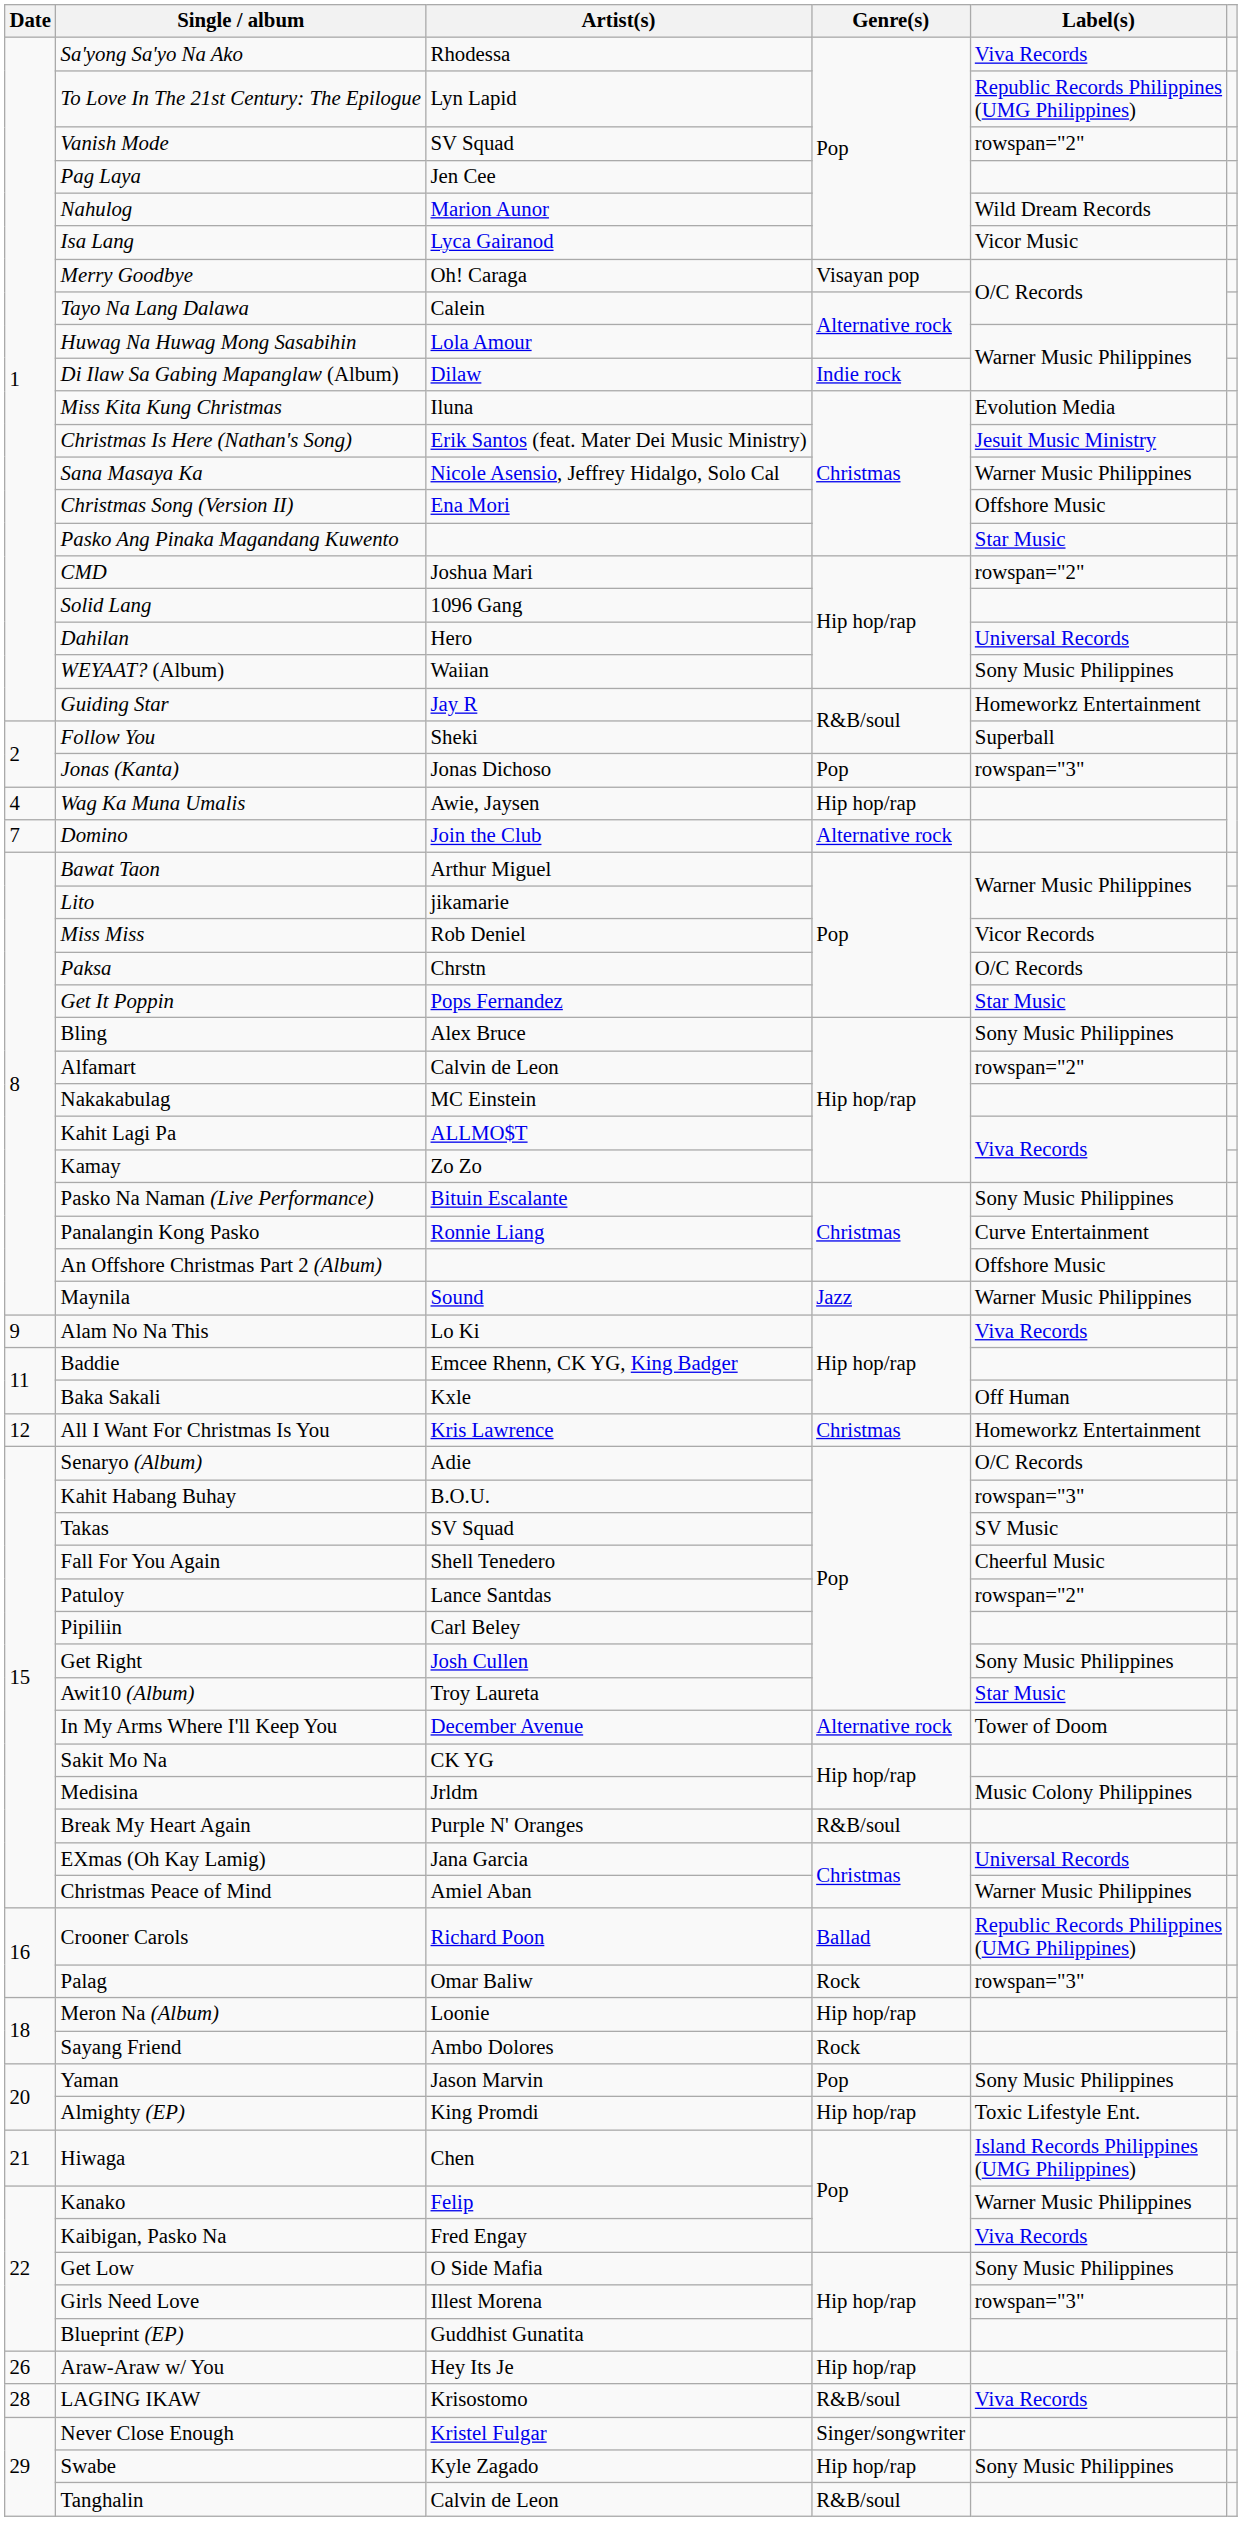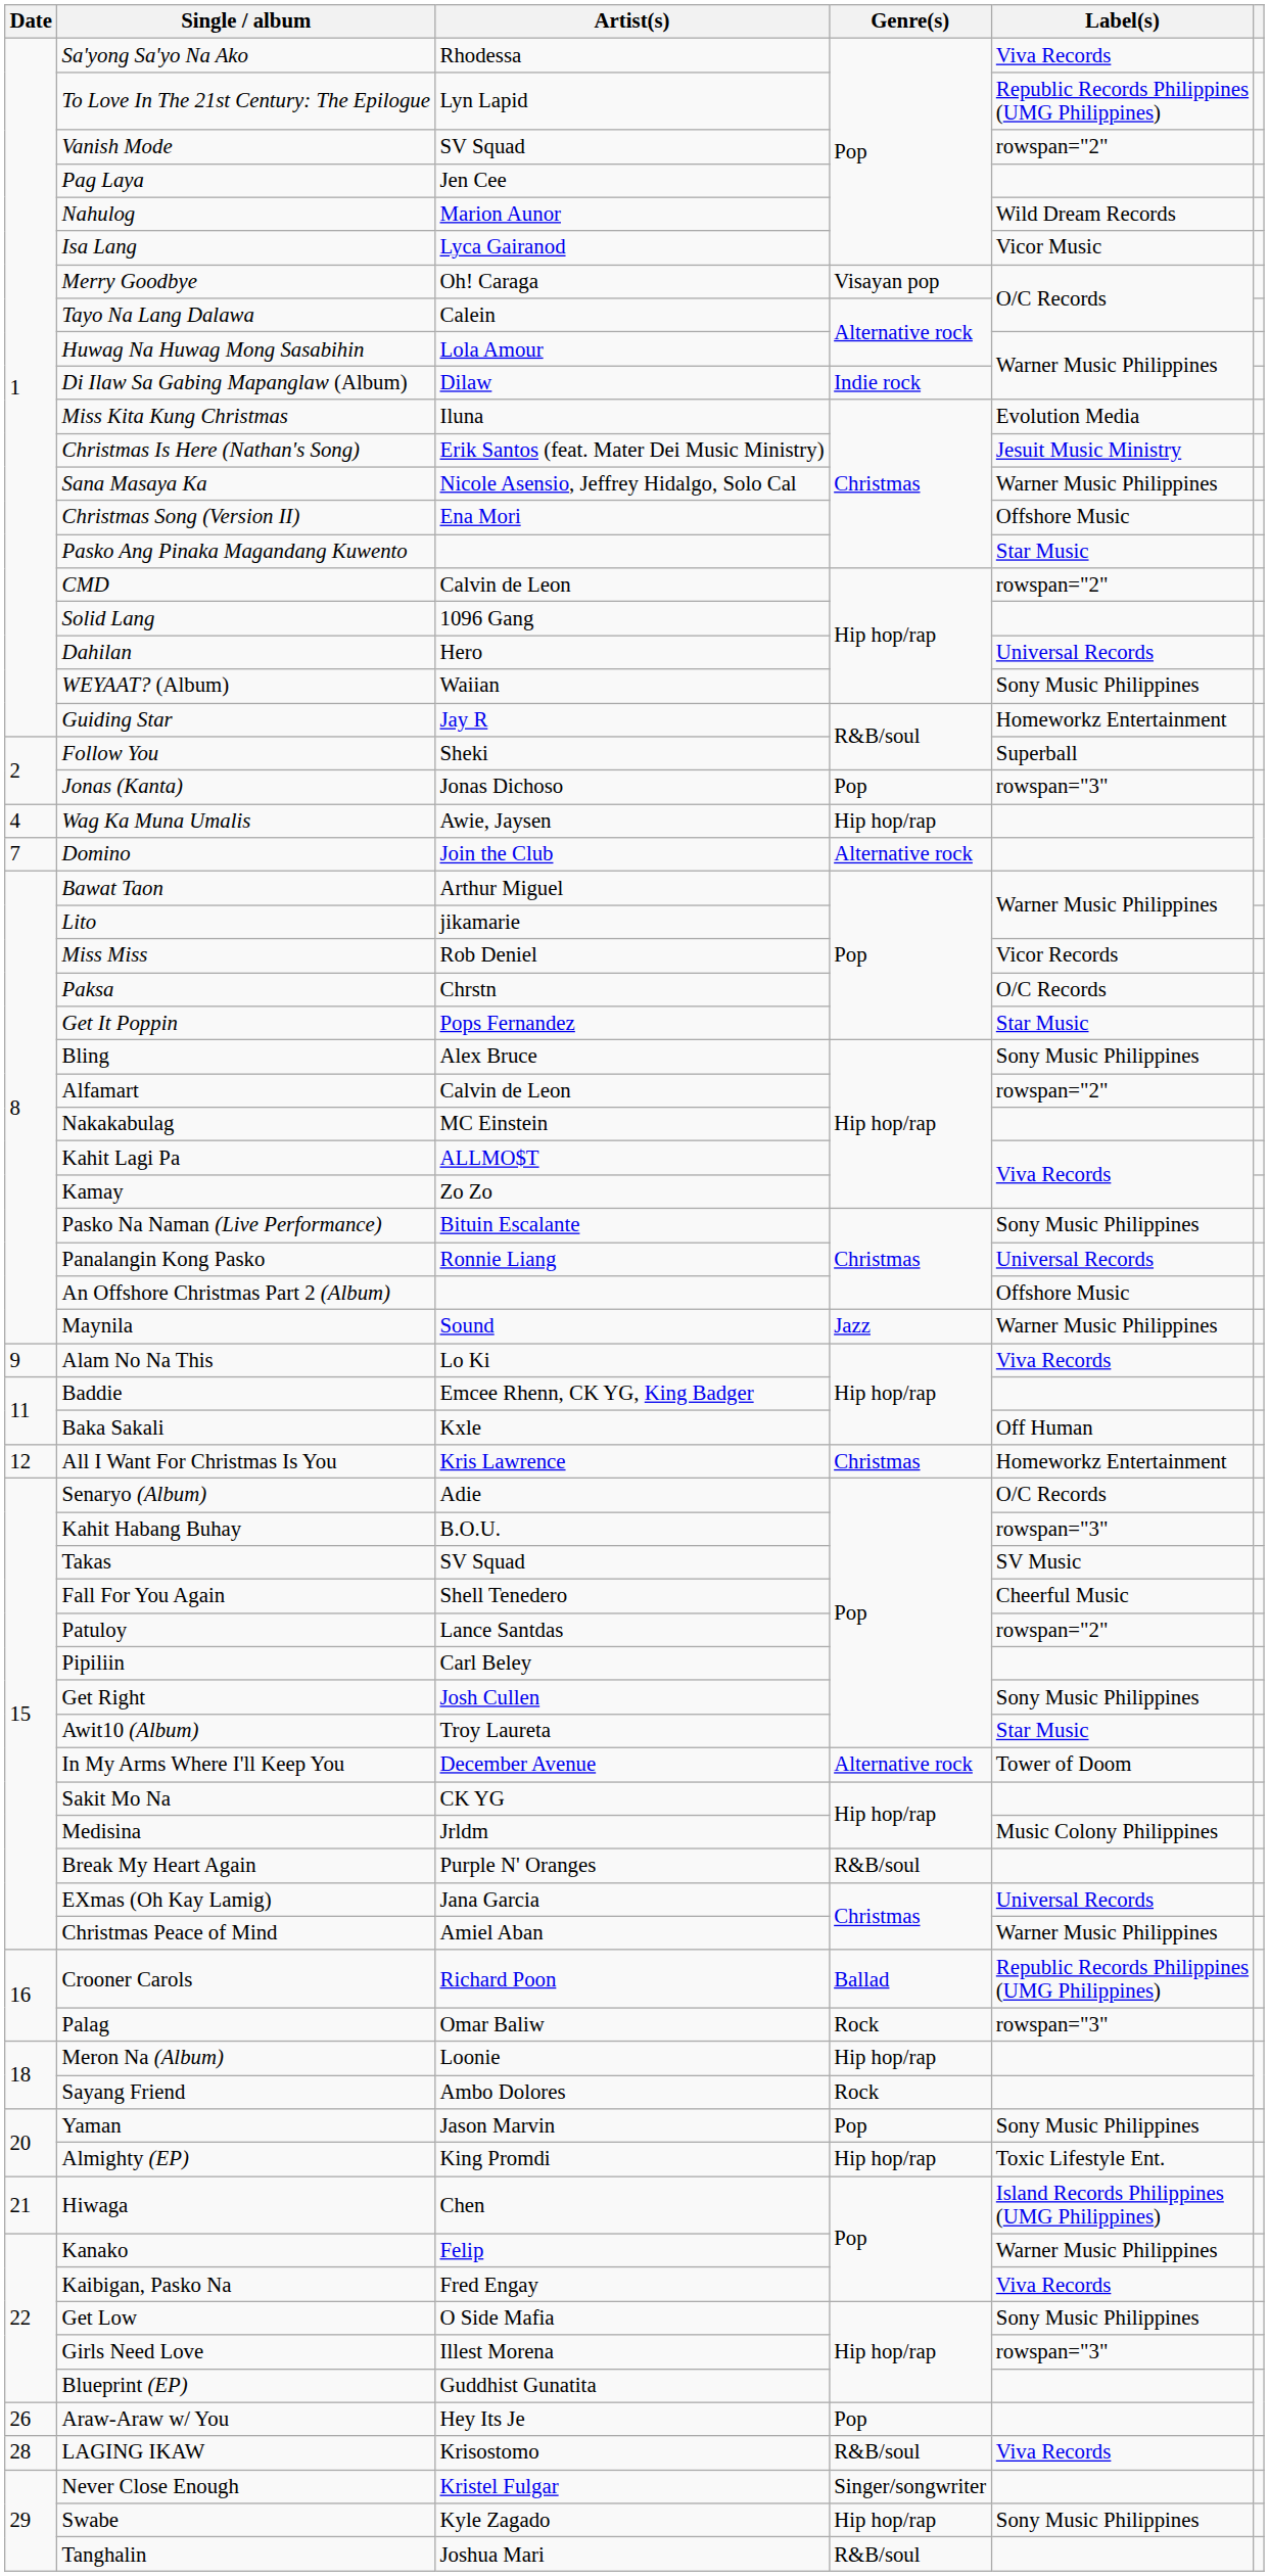 <table class="wikitable">
 <tr>
 <th>Date</th>
 <th>Single / album</th>
 <th>Artist(s)</th>
 <th>Genre(s)</th>
 <th>Label(s)</th>
 <th></th>
 </tr>
 <tr>
 <td rowspan="20">1</td>
 <td><em>Sa'yong Sa'yo Na Ako</em></td>
 <td>Rhodessa</td>
 <td rowspan="6">Pop</td>
 <td><a href='#'>Viva Records</a></td>
 <td></td>
 </tr>
 <tr>
 <td><em>To Love In The 21st Century: The Epilogue</em></td>
 <td>Lyn Lapid</td>
 <td><a href='#'>Republic Records Philippines</a><br>(<a href='#'>UMG Philippines</a>)</td>
 <td></td>
 </tr>
 <tr>
 <td><em>Vanish Mode</em></td>
 <td>SV Squad</td>
 <td>rowspan="2" </td>
 <td></td>
 </tr>
 <tr>
 <td><em>Pag Laya</em></td>
 <td>Jen Cee</td>
 <td></td>
 </tr>
 <tr>
 <td><em>Nahulog</em></td>
 <td><a href='#'>Marion Aunor</a></td>
 <td>Wild Dream Records</td>
 <td></td>
 </tr>
 <tr>
 <td><em>Isa Lang</em></td>
 <td><a href='#'>Lyca Gairanod</a></td>
 <td>Vicor Music</td>
 <td></td>
 </tr>
 <tr>
 <td><em>Merry Goodbye</em></td>
 <td>Oh! Caraga</td>
 <td>Visayan pop</td>
 <td rowspan="2">O/C Records</td>
 <td></td>
 </tr>
 <tr>
 <td><em>Tayo Na Lang Dalawa</em></td>
 <td>Calein</td>
 <td rowspan="2"><a href='#'>Alternative rock</a></td>
 <td></td>
 </tr>
 <tr>
 <td><em>Huwag Na Huwag Mong Sasabihin</em></td>
 <td><a href='#'>Lola Amour</a></td>
 <td rowspan="2">Warner Music Philippines</td>
 <td></td>
 </tr>
 <tr>
 <td><em>Di Ilaw Sa Gabing Mapanglaw</em> (Album)</td>
 <td><a href='#'>Dilaw</a></td>
 <td><a href='#'>Indie rock</a></td>
 <td></td>
 </tr>
 <tr>
 <td><em>Miss Kita Kung Christmas</em></td>
 <td>Iluna</td>
 <td rowspan="5"><a href='#'>Christmas</a></td>
 <td>Evolution Media</td>
 <td></td>
 </tr>
 <tr>
 <td><em>Christmas Is Here (Nathan's Song)</em></td>
 <td><a href='#'>Erik Santos</a> (feat. Mater Dei Music Ministry)</td>
 <td><a href='#'>Jesuit Music Ministry</a></td>
 <td></td>
 </tr>
 <tr>
 <td><em>Sana Masaya Ka</em></td>
 <td><a href='#'>Nicole Asensio</a>, Jeffrey Hidalgo, Solo Cal</td>
 <td>Warner Music Philippines</td>
 <td></td>
 </tr>
 <tr>
 <td><em>Christmas Song (Version II)</em></td>
 <td><a href='#'>Ena Mori</a></td>
 <td>Offshore Music</td>
 <td></td>
 </tr>
 <tr>
 <td><em>Pasko Ang Pinaka Magandang Kuwento</em></td>
 <td></td>
 <td><a href='#'>Star Music</a></td>
 <td></td>
 </tr>
 <tr>
 <td><em>CMD</em></td>
-<td>Joshua Mari</td>
+<td>Calvin de Leon</td>
 <td rowspan="4">Hip hop/rap</td>
 <td>rowspan="2" </td>
 <td></td>
 </tr>
 <tr>
 <td><em>Solid Lang</em></td>
 <td>1096 Gang</td>
 <td></td>
 </tr>
 <tr>
 <td><em>Dahilan</em></td>
 <td>Hero</td>
 <td><a href='#'>Universal Records</a></td>
 <td></td>
 </tr>
 <tr>
 <td><em>WEYAAT?</em> (Album)</td>
 <td>Waiian</td>
 <td>Sony Music Philippines</td>
 <td></td>
 </tr>
 <tr>
 <td><em>Guiding Star</em></td>
 <td><a href='#'>Jay R</a></td>
 <td rowspan="2">R&B/soul</td>
 <td>Homeworkz Entertainment</td>
 <td></td>
 </tr>
 <tr>
 <td rowspan="2">2</td>
 <td><em>Follow You</em></td>
 <td>Sheki</td>
 <td>Superball</td>
 <td></td>
 </tr>
 <tr>
 <td><em>Jonas (Kanta)</em></td>
 <td>Jonas Dichoso</td>
 <td>Pop</td>
 <td>rowspan="3" </td>
 <td></td>
 </tr>
 <tr>
 <td>4</td>
 <td><em>Wag Ka Muna Umalis</em></td>
 <td>Awie, Jaysen</td>
 <td>Hip hop/rap</td>
 <td></td>
 </tr>
 <tr>
 <td>7</td>
 <td><em>Domino</em></td>
 <td><a href='#'>Join the Club</a></td>
 <td><a href='#'>Alternative rock</a></td>
 <td></td>
 </tr>
 <tr>
 <td rowspan="14">8</td>
 <td><em>Bawat Taon</em></td>
 <td>Arthur Miguel</td>
 <td rowspan="5">Pop</td>
 <td rowspan="2">Warner Music Philippines</td>
 <td></td>
 </tr>
 <tr>
 <td><em>Lito</em></td>
 <td>jikamarie</td>
 <td></td>
 </tr>
 <tr>
 <td><em>Miss Miss</em></td>
 <td>Rob Deniel</td>
 <td>Vicor Records</td>
 <td></td>
 </tr>
 <tr>
 <td><em>Paksa</em></td>
 <td>Chrstn</td>
 <td>O/C Records</td>
 <td></td>
 </tr>
 <tr>
 <td><em>Get It Poppin<strong></td>
 <td><a href='#'>Pops Fernandez</a></td>
 <td><a href='#'>Star Music</a></td>
 <td></td>
 </tr>
 <tr>
 <td></em>Bling<em></td>
 <td>Alex Bruce</td>
 <td rowspan="5">Hip hop/rap</td>
 <td>Sony Music Philippines</td>
 <td></td>
 </tr>
 <tr>
 <td></em>Alfamart<em></td>
 <td>Calvin de Leon</td>
 <td>rowspan="2" </td>
 <td></td>
 </tr>
 <tr>
 <td></em>Nakakabulag<em></td>
 <td>MC Einstein</td>
 <td></td>
 </tr>
 <tr>
 <td></em>Kahit Lagi Pa<em></td>
 <td><a href='#'>ALLMO$T</a></td>
 <td rowspan="2"><a href='#'>Viva Records</a></td>
 <td></td>
 </tr>
 <tr>
 <td></em>Kamay<em></td>
 <td>Zo Zo</td>
 <td></td>
 </tr>
 <tr>
 <td></em>Pasko Na Naman<em> (Live Performance)</td>
 <td><a href='#'>Bituin Escalante</a></td>
 <td rowspan="3"><a href='#'>Christmas</a></td>
 <td>Sony Music Philippines</td>
 <td></td>
 </tr>
 <tr>
 <td></em>Panalangin Kong Pasko<em></td>
 <td><a href='#'>Ronnie Liang</a></td>
-<td>Curve Entertainment</td>
+<td><a href='#'>Universal Records</a></td>
 <td></td>
 </tr>
 <tr>
 <td></em>An Offshore Christmas Part 2<em> (Album)</td>
 <td></td>
 <td>Offshore Music</td>
 <td></td>
 </tr>
 <tr>
 <td></em>Maynila<em></td>
 <td><a href='#'>Sound</a></td>
 <td><a href='#'>Jazz</a></td>
 <td>Warner Music Philippines</td>
 <td></td>
 </tr>
 <tr>
 <td>9</td>
 <td></em>Alam No Na This<em></td>
 <td>Lo Ki</td>
 <td rowspan="3">Hip hop/rap</td>
 <td><a href='#'>Viva Records</a></td>
 <td></td>
 </tr>
 <tr>
 <td rowspan="2">11</td>
 <td></em>Baddie<em></td>
 <td>Emcee Rhenn, CK YG, <a href='#'>King Badger</a></td>
 <td></td>
 <td></td>
 </tr>
 <tr>
 <td></em>Baka Sakali<em></td>
 <td>Kxle</td>
 <td>Off Human</td>
 <td></td>
 </tr>
 <tr>
 <td>12</td>
 <td></em>All I Want For Christmas Is You<em></td>
 <td><a href='#'>Kris Lawrence</a></td>
 <td><a href='#'>Christmas</a></td>
 <td>Homeworkz Entertainment</td>
 <td></td>
 </tr>
 <tr>
 <td rowspan="14">15</td>
 <td></em>Senaryo<em> (Album)</td>
 <td>Adie</td>
 <td rowspan="8">Pop</td>
 <td>O/C Records</td>
 <td></td>
 </tr>
 <tr>
 <td></em>Kahit Habang Buhay<em></td>
 <td>B.O.U.</td>
 <td>rowspan="3" </td>
 <td></td>
 </tr>
 <tr>
 <td></em>Takas<em></td>
 <td>SV Squad</td>
 <td>SV Music</td>
 <td></td>
 </tr>
 <tr>
 <td></em>Fall For You Again<em></td>
 <td>Shell Tenedero</td>
 <td>Cheerful Music</td>
 <td></td>
 </tr>
 <tr>
 <td></em>Patuloy<em></td>
 <td>Lance Santdas</td>
 <td>rowspan="2" </td>
 <td></td>
 </tr>
 <tr>
 <td></em>Pipiliin<em></td>
 <td>Carl Beley</td>
 <td></td>
 </tr>
 <tr>
 <td></em>Get Right<em></td>
 <td><a href='#'>Josh Cullen</a></td>
 <td>Sony Music Philippines</td>
 <td></td>
 </tr>
 <tr>
 <td></em>Awit10<em> (Album)</td>
 <td>Troy Laureta</td>
 <td><a href='#'>Star Music</a></td>
 <td></td>
 </tr>
 <tr>
 <td></em>In My Arms Where I'll Keep You<em></td>
 <td><a href='#'>December Avenue</a></td>
 <td><a href='#'>Alternative rock</a></td>
 <td>Tower of Doom</td>
 <td></td>
 </tr>
 <tr>
 <td></em>Sakit Mo Na<em></td>
 <td>CK YG</td>
 <td rowspan="2">Hip hop/rap</td>
 <td></td>
 <td></td>
 </tr>
 <tr>
 <td></em>Medisina<em></td>
 <td>Jrldm</td>
 <td>Music Colony Philippines</td>
 <td></td>
 </tr>
 <tr>
 <td></em>Break My Heart Again<em></td>
 <td>Purple N' Oranges</td>
 <td>R&B/soul</td>
 <td></td>
 <td></td>
 </tr>
 <tr>
 <td></em>EXmas (Oh Kay Lamig)<em></td>
 <td>Jana Garcia</td>
 <td rowspan="2"><a href='#'>Christmas</a></td>
 <td><a href='#'>Universal Records</a></td>
 <td></td>
 </tr>
 <tr>
 <td></em>Christmas Peace of Mind<em></td>
 <td>Amiel Aban</td>
 <td>Warner Music Philippines</td>
 <td></td>
 </tr>
 <tr>
 <td rowspan="2">16</td>
 <td></em>Crooner Carols<em></td>
 <td><a href='#'>Richard Poon</a></td>
 <td><a href='#'>Ballad</a></td>
 <td><a href='#'>Republic Records Philippines</a><br>(<a href='#'>UMG Philippines</a>)</td>
 <td></td>
 </tr>
 <tr>
 <td></em>Palag<em></td>
 <td>Omar Baliw</td>
 <td>Rock</td>
 <td>rowspan="3" </td>
 <td></td>
 </tr>
 <tr>
 <td rowspan="2">18</td>
 <td></em>Meron Na<em> (Album)</td>
 <td>Loonie</td>
 <td>Hip hop/rap</td>
 <td></td>
 </tr>
 <tr>
 <td></em>Sayang Friend<em></td>
 <td>Ambo Dolores</td>
 <td>Rock</td>
 <td></td>
 </tr>
 <tr>
 <td rowspan="2">20</td>
 <td></em>Yaman<em></td>
 <td>Jason Marvin</td>
 <td>Pop</td>
 <td>Sony Music Philippines</td>
 <td></td>
 </tr>
 <tr>
 <td></em>Almighty<em> (EP)</td>
 <td>King Promdi</td>
 <td>Hip hop/rap</td>
 <td>Toxic Lifestyle Ent.</td>
 <td></td>
 </tr>
 <tr>
 <td>21</td>
 <td></em>Hiwaga<em></td>
 <td>Chen</td>
 <td rowspan="3">Pop</td>
 <td><a href='#'>Island Records Philippines</a><br>(<a href='#'>UMG Philippines</a>)</td>
 <td></td>
 </tr>
 <tr>
 <td rowspan="5">22</td>
 <td></em>Kanako<em></td>
 <td><a href='#'>Felip</a></td>
 <td>Warner Music Philippines</td>
 <td></td>
 </tr>
 <tr>
 <td></em>Kaibigan, Pasko Na<em></td>
 <td>Fred Engay</td>
 <td><a href='#'>Viva Records</a></td>
 <td></td>
 </tr>
 <tr>
 <td></em>Get Low<em></td>
 <td>O Side Mafia</td>
 <td rowspan="3">Hip hop/rap</td>
 <td>Sony Music Philippines</td>
 <td></td>
 </tr>
 <tr>
 <td></em>Girls Need Love<em></td>
 <td>Illest Morena</td>
 <td>rowspan="3" </td>
 <td></td>
 </tr>
 <tr>
 <td></em>Blueprint<em> (EP)</td>
 <td>Guddhist Gunatita</td>
 <td></td>
 </tr>
 <tr>
 <td>26</td>
 <td></em>Araw-Araw w/ You<em></td>
 <td>Hey Its Je</td>
-<td>Hip hop/rap</td>
+<td>Pop</td>
 <td></td>
 </tr>
 <tr>
 <td>28</td>
 <td></em>LAGING IKAW<em></td>
 <td>Krisostomo</td>
 <td>R&B/soul</td>
 <td><a href='#'>Viva Records</a></td>
 <td></td>
 </tr>
 <tr>
 <td rowspan="4">29</td>
 <td></em>Never Close Enough<em></td>
 <td><a href='#'>Kristel Fulgar</a></td>
 <td>Singer/songwriter</td>
 <td></td>
 <td></td>
 </tr>
 <tr>
 <td></em>Swabe<em></td>
 <td>Kyle Zagado</td>
 <td>Hip hop/rap</td>
 <td>Sony Music Philippines</td>
 <td></td>
 </tr>
 <tr>
 <td></em>Tanghalin<em></td>
-<td>Calvin de Leon</td>
+<td>Joshua Mari</td>
 <td>R&B/soul</td>
 <td></td>
 <td></td>
 </tr>
 </table>
